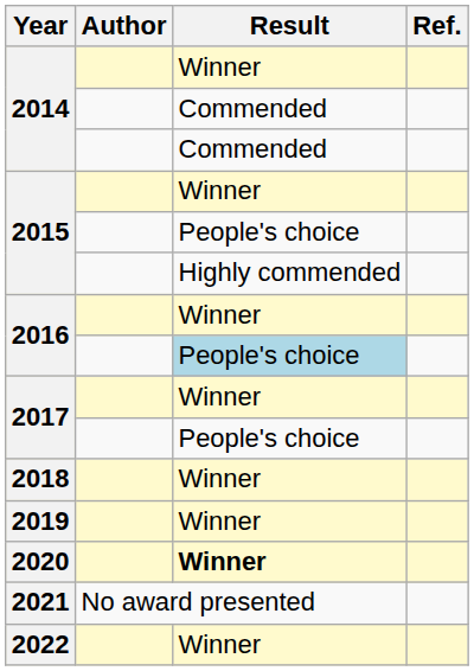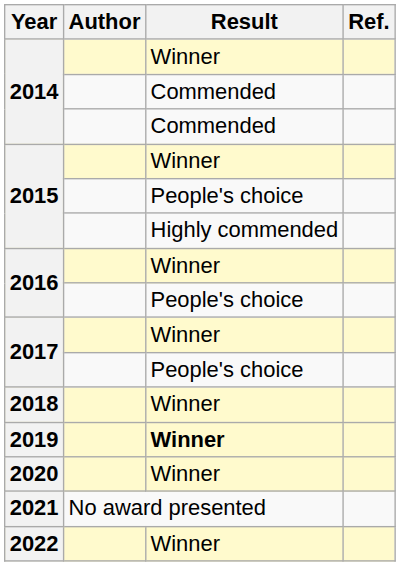 <table class="wikitable">
 <tr>
 <th>Year</th>
 <th>Author</th>
 <th>Result</th>
 <th>Ref.</th>
 </tr>
 <tr style=background:LemonChiffon; color:black>
 <th rowspan="3">2014</th>
 <td></td>
 <td>Winner</td>
 <td></td>
 </tr>
 <tr>
 <td></td>
 <td>Commended</td>
 <td></td>
 </tr>
 <tr>
 <td></td>
 <td>Commended</td>
 <td></td>
 </tr>
 <tr style=background:LemonChiffon; color:black>
 <th rowspan="3">2015</th>
 <td></td>
 <td>Winner</td>
 <td></td>
 </tr>
 <tr>
 <td></td>
 <td>People's choice</td>
 <td></td>
 </tr>
 <tr>
 <td></td>
 <td>Highly commended</td>
 <td></td>
 </tr>
 <tr style="background:LemonChiffon;" color:black>
 <th rowspan="2">2016</th>
 <td></td>
 <td>Winner</td>
 <td></td>
 </tr>
 <tr>
 <td></td>
-<td style="background: lightblue;">People's choice</td>
+<td>People's choice</td>
 <td></td>
 </tr>
 <tr style=background:LemonChiffon; color:black>
 <th rowspan="2">2017</th>
 <td></td>
 <td>Winner</td>
 <td></td>
 </tr>
 <tr>
 <td></td>
 <td>People's choice</td>
 <td></td>
 </tr>
 <tr style=background:LemonChiffon; color:black>
 <th>2018</th>
 <td></td>
 <td>Winner</td>
 <td></td>
 </tr>
 <tr style=background:LemonChiffon; color:black>
 <th>2019</th>
 <td></td>
-<td>Winner</td>
+<td><strong>Winner</strong></td>
 <td></td>
 </tr>
 <tr style=background:LemonChiffon; color:black>
 <th>2020</th>
 <td></td>
-<td><strong>Winner</strong></td>
+<td>Winner</td>
 <td></td>
 </tr>
 <tr>
 <th>2021</th>
 <td colspan="2">No award presented</td>
 <td></td>
 </tr>
 <tr style=background:LemonChiffon; color:black>
 <th>2022</th>
 <td></td>
 <td>Winner</td>
 <td></td>
 </tr>
 </table>
